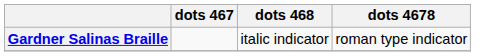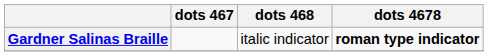 <table class="wikitable">
 <tr>
 <th></th>
 <th>dots 467</th>
 <th>dots 468</th>
 <th>dots 4678</th>
 </tr>
 <tr>
 <th align=left><a href='#'>Gardner Salinas Braille</a></th>
 <td></td>
 <td>italic indicator</td>
-<td>roman type indicator</td>
+<td><strong>roman type indicator</strong></td>
 </tr>
 <tr>
 </tr>
 <tr>
 </tr>
 </table>
